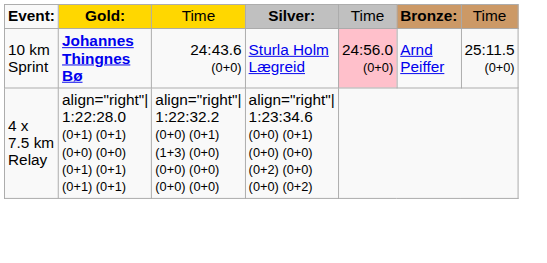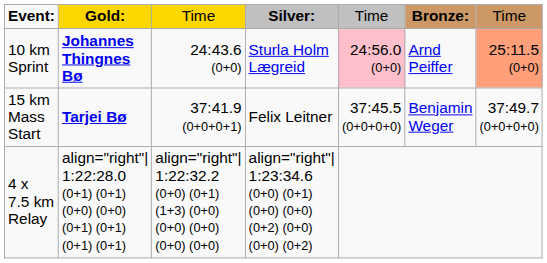 <table class="wikitable" width=85%>
 <tr>
 <td><strong>Event:</strong></td>
 <td style="text-align:center;background-color:gold;"><strong>Gold:</strong></td>
 <td style="text-align:center;background-color:gold;">Time</td>
 <td style="text-align:center;background-color:silver;"><strong>Silver:</strong></td>
 <td style="text-align:center;background-color:silver;">Time</td>
 <td style="text-align:center;background-color:#CC9966;"><strong>Bronze:</strong></td>
 <td style="text-align:center;background-color:#CC9966;">Time</td>
 </tr>
 <tr>
 <td>10 km Sprint<br></td>
 <td><strong><a href='#'>Johannes Thingnes Bø</a></strong><br><small></small></td>
 <td align="right">24:43.6<br><small>(0+0)</small></td>
 <td><a href='#'>Sturla Holm Lægreid</a><br><small></small></td>
 <td align="right" style="background: pink;">24:56.0<br><small>(0+0)</small></td>
 <td><a href='#'>Arnd Peiffer</a><br><small></small></td>
-<td align="right">25:11.5<br><small>(0+0)</small></td>
+<td align="right" style="background: lightsalmon;">25:11.5<br><small>(0+0)</small></td>
+</tr>
+<tr>
+<td>15 km Mass Start<br></td>
+<td><strong><a href='#'>Tarjei Bø</a></strong><br><small></small></td>
+<td align="right">37:41.9<br><small>(0+0+0+1)</small></td>
+<td>Felix Leitner<br><small></small></td>
+<td align="right">37:45.5<br><small>(0+0+0+0)</small></td>
+<td><a href='#'>Benjamin Weger</a><br><small></small></td>
+<td align="right">37:49.7<br><small>(0+0+0+0)</small></td>
 </tr>
 <tr>
 <td>4 x 7.5 km Relay<br></td>
 <td>align="right"| 1:22:28.0<small><br>(0+1) (0+1)<br>(0+0) (0+0)<br>(0+1) (0+1)<br>(0+1) (0+1)</small></td>
 <td>align="right"| 1:22:32.2<small><br>(0+0) (0+1)<br>(1+3) (0+0)<br>(0+0) (0+0)<br>(0+0) (0+0)</small></td>
 <td>align="right"| 1:23:34.6<small><br>(0+0) (0+1)<br>(0+0) (0+0)<br>(0+2) (0+0)<br>(0+0) (0+2)</small></td>
 </tr>
 </table>
